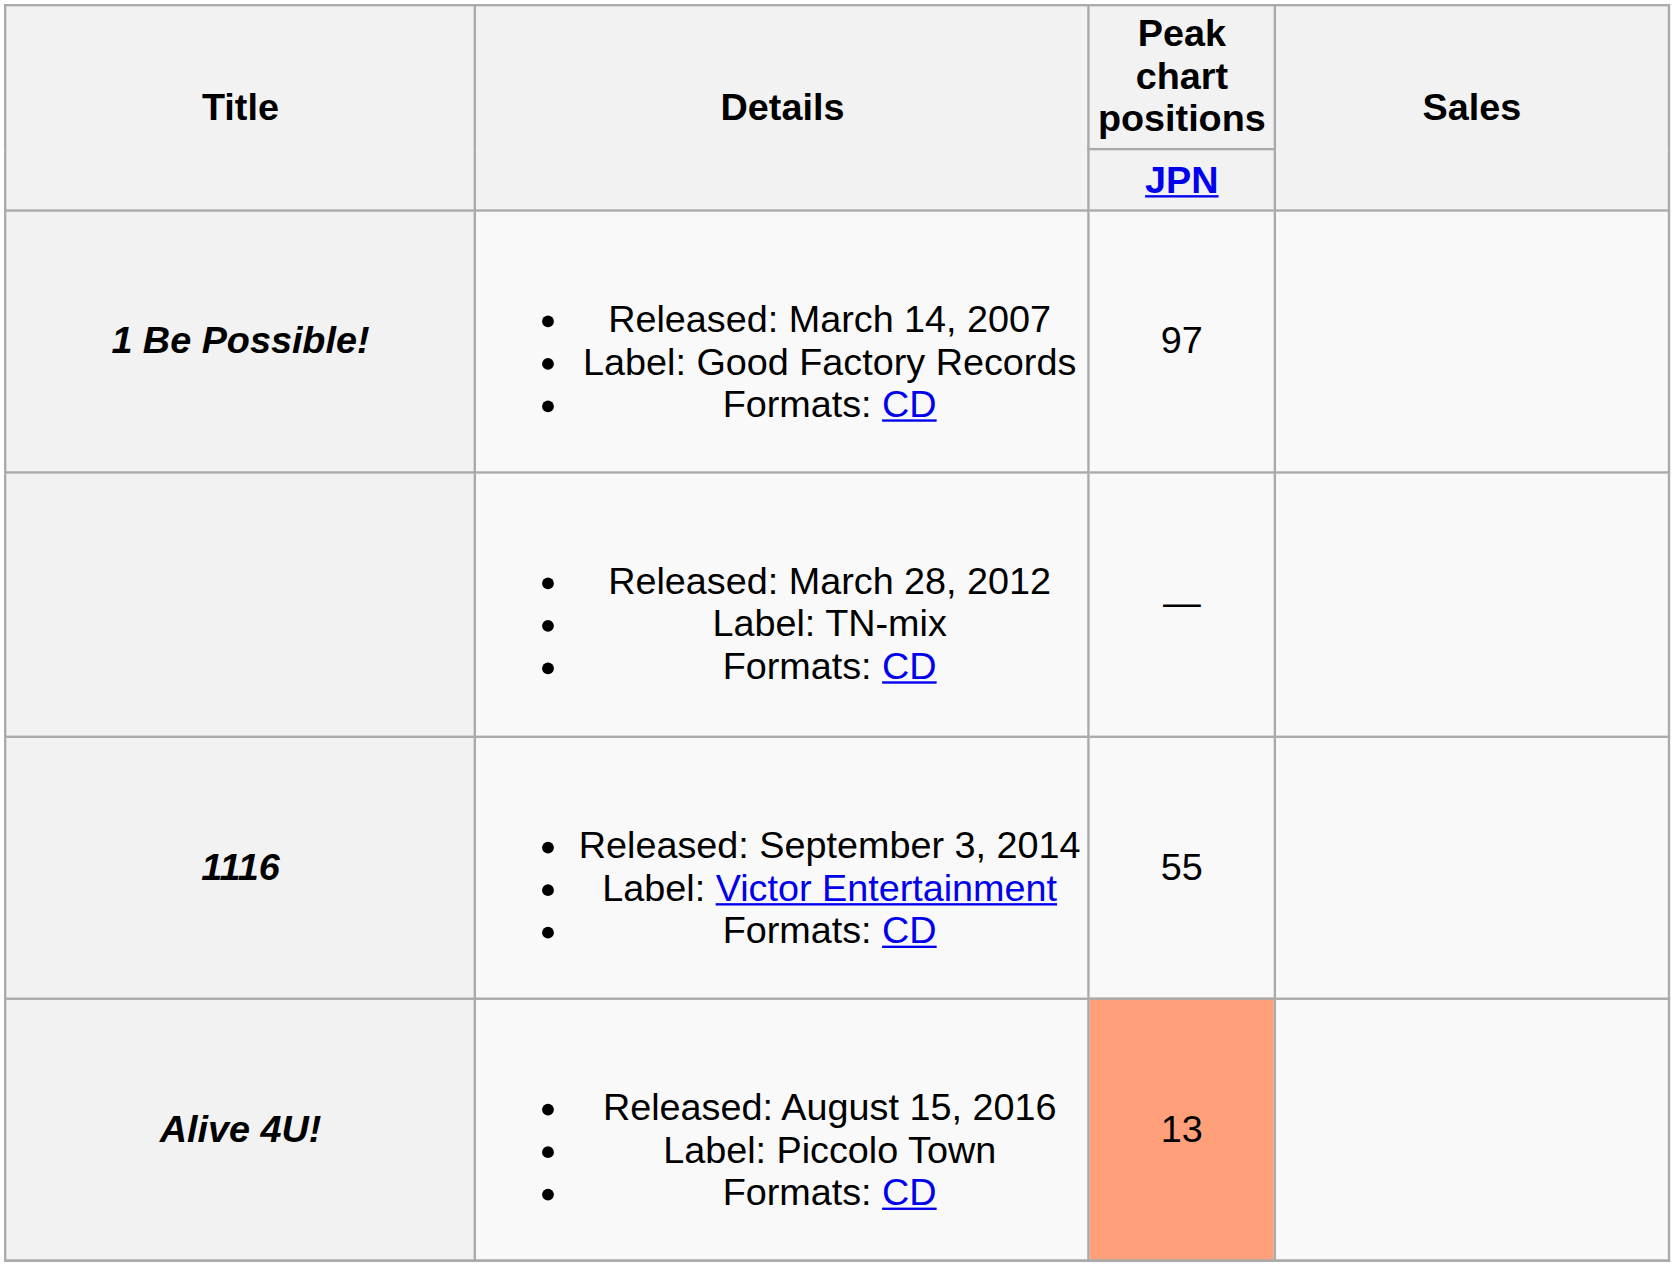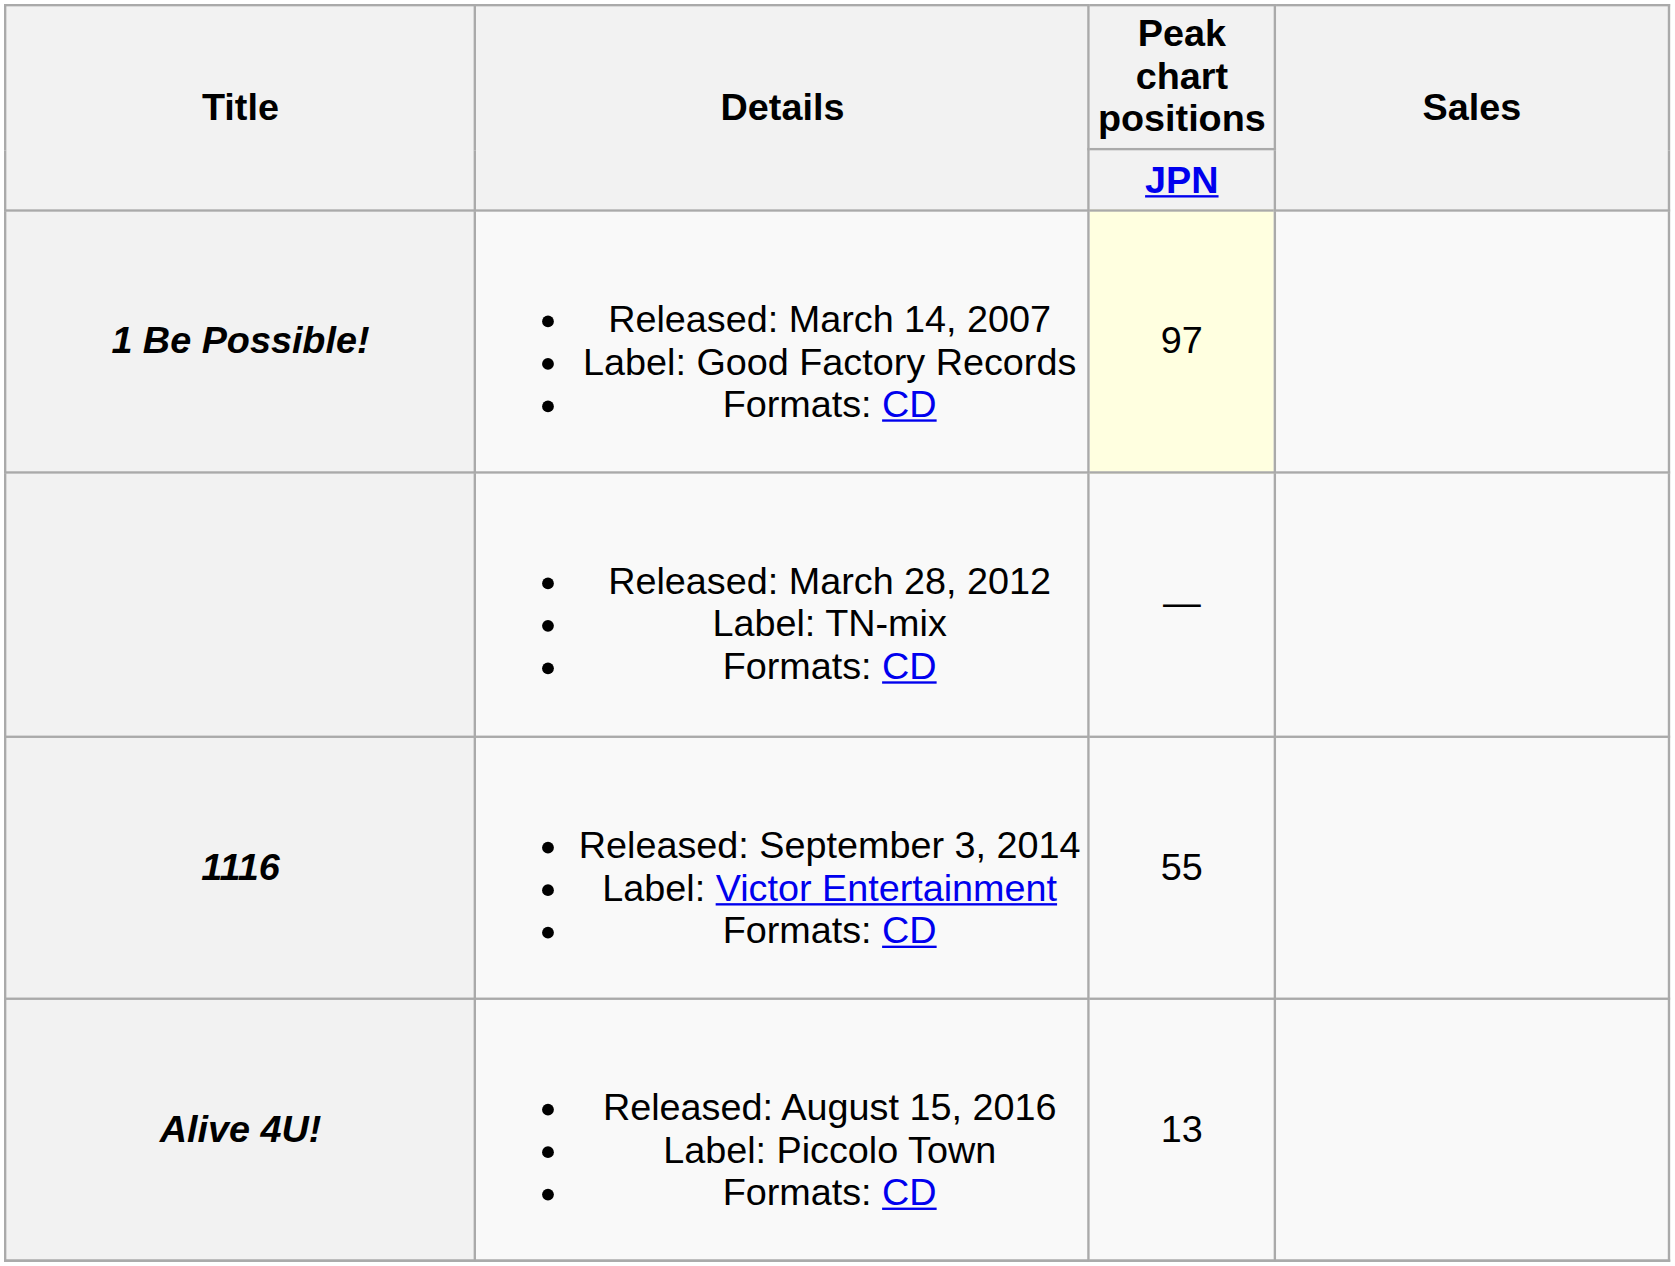 <table class="wikitable sortable" style="text-align:center;">
 <tr>
 <th rowspan="2" style="width:12em;">Title</th>
 <th rowspan="2">Details</th>
 <th colspan="1">Peak chart positions</th>
 <th rowspan="2" style="width:10em;">Sales</th>
 </tr>
 <tr>
 <th width="30"><a href='#'>JPN</a></th>
 </tr>
 <tr>
 <th scope="row"><em>1 Be Possible!</em><br></th>
 <td><br><ul><li>Released: March 14, 2007</li><li>Label: Good Factory Records</li><li>Formats: <a href='#'>CD</a></li></ul></td>
-<td>97</td>
+<td style="background: lightyellow;">97</td>
 <td></td>
 </tr>
 <tr>
 <th scope="row"><br></th>
 <td><br><ul><li>Released: March 28, 2012</li><li>Label: TN-mix</li><li>Formats: <a href='#'>CD</a></li></ul></td>
 <td>—</td>
 <td></td>
 </tr>
 <tr>
 <th scope="row"><em>1116</em><br></th>
 <td><br><ul><li>Released: September 3, 2014</li><li>Label: <a href='#'>Victor Entertainment</a></li><li>Formats: <a href='#'>CD</a></li></ul></td>
 <td>55</td>
 <td></td>
 </tr>
 <tr>
 <th scope="row"><em>Alive 4U!</em></th>
 <td><br><ul><li>Released: August 15, 2016</li><li>Label: Piccolo Town</li><li>Formats: <a href='#'>CD</a></li></ul></td>
-<td style="background: lightsalmon;">13</td>
+<td>13</td>
 <td></td>
 </tr>
 <tr>
 </tr>
 </table>
